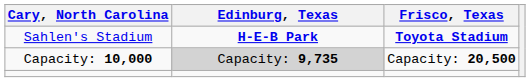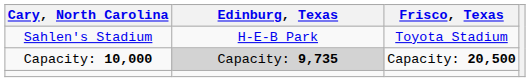 <table class="wikitable" style="text-align:center; margin-left:auto; margin-right:auto; border:none;">
 <tr>
 <th><a href='#'>Cary</a>, <a href='#'>North Carolina</a></th>
 <th style="width:200px"><a href='#'>Edinburg</a>, <a href='#'>Texas</a></th>
 <th><a href='#'>Frisco</a>, <a href='#'>Texas</a></th>
 <th rowspan="4"></th>
 </tr>
 <tr>
 <td><a href='#'>Sahlen's Stadium</a></td>
-<td><strong><a href='#'>H-E-B Park</a></strong></td>
-<td><strong><a href='#'>Toyota Stadium</a></strong></td>
+<td><a href='#'>H-E-B Park</a></td>
+<td><a href='#'>Toyota Stadium</a></td>
 </tr>
 <tr>
 <td>Capacity: <strong>10,000</strong></td>
 <td style="background: lightgrey;">Capacity: <strong>9,735</strong></td>
 <td>Capacity: <strong>20,500</strong></td>
 </tr>
 <tr>
 <td></td>
 <td></td>
 <td></td>
 </tr>
 </table>
